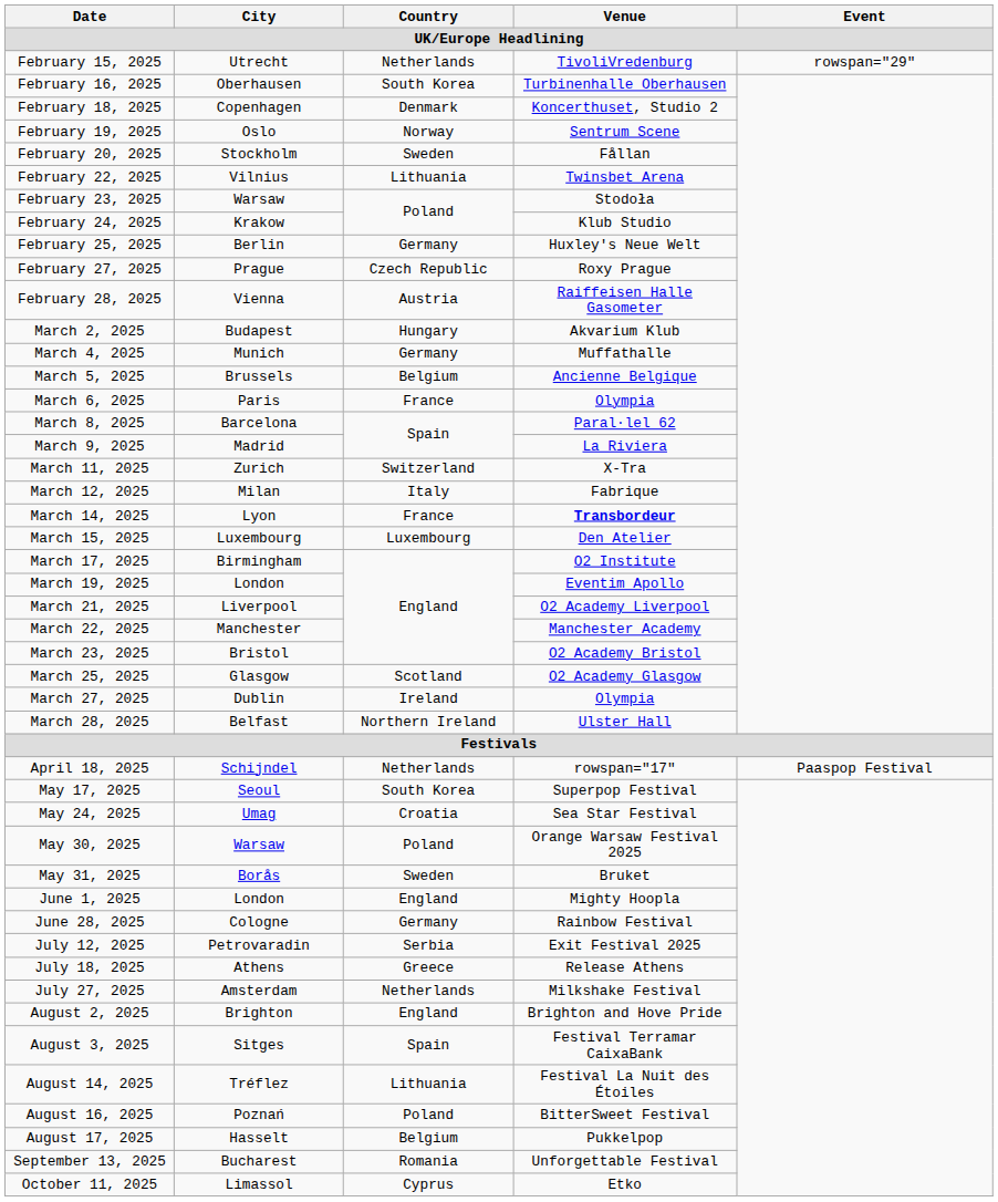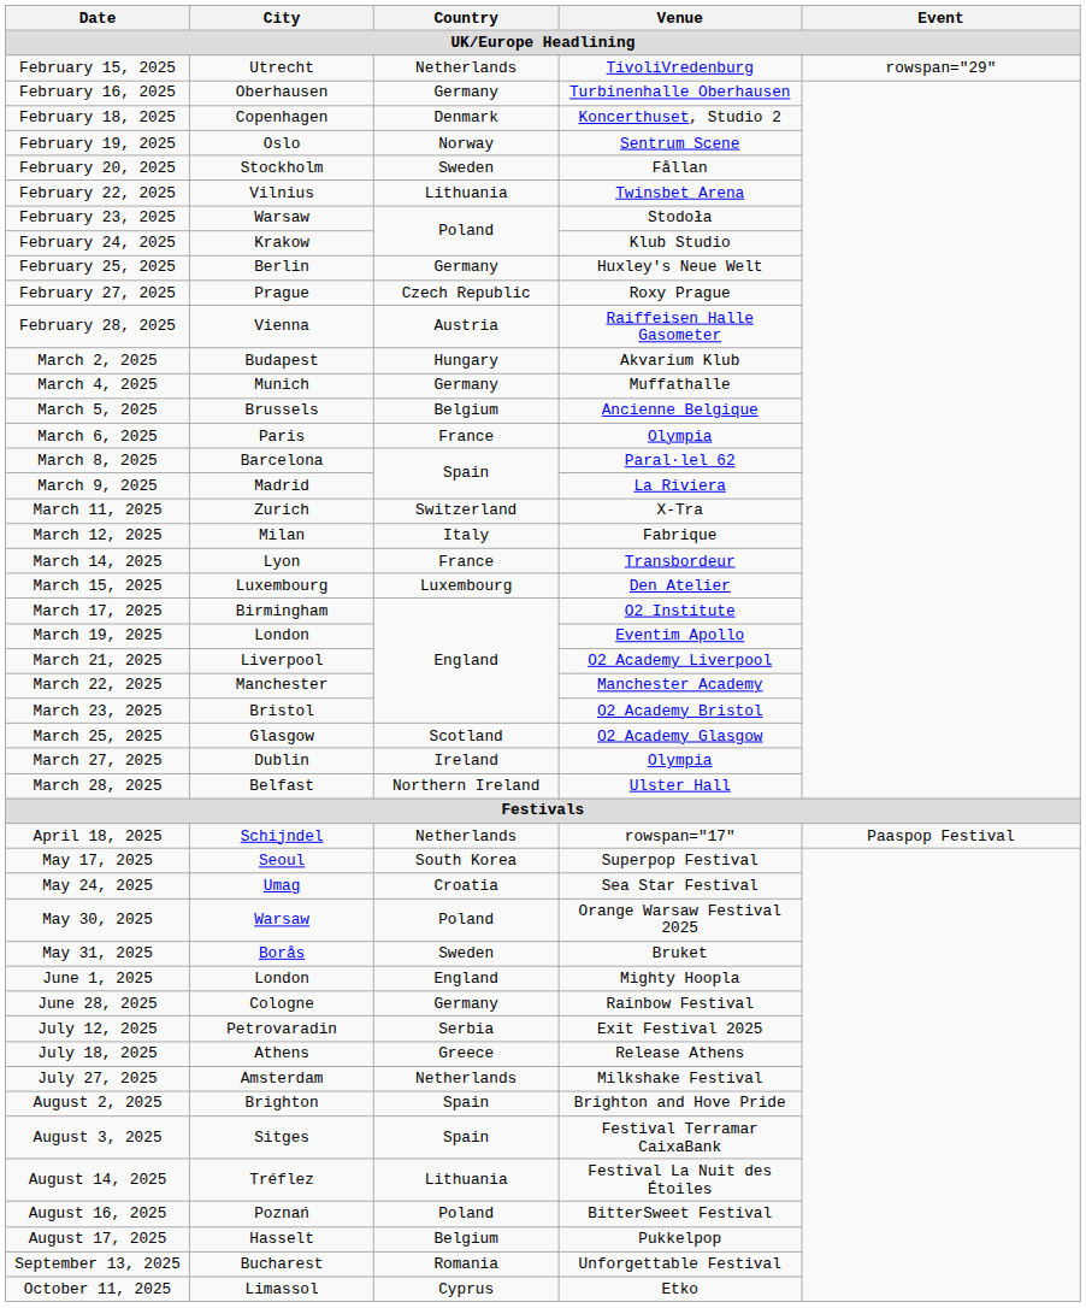 <table class="wikitable" style="text-align:center;">
 <tr>
 <th width="150">Date</th>
 <th width="150">City</th>
 <th width="150">Country</th>
 <th width="200">Venue</th>
 <th width="230">Event</th>
 </tr>
 <tr bgcolor="#DDDDDD">
 <td colspan=7><strong>UK/Europe Headlining</strong></td>
 </tr>
 <tr>
 <td>February 15, 2025</td>
 <td>Utrecht</td>
 <td>Netherlands</td>
 <td><a href='#'>TivoliVredenburg</a></td>
 <td>rowspan="29" </td>
 </tr>
 <tr>
 <td>February 16, 2025</td>
 <td>Oberhausen</td>
-<td>South Korea</td>
+<td>Germany</td>
 <td><a href='#'>Turbinenhalle Oberhausen</a></td>
 </tr>
 <tr>
 <td>February 18, 2025</td>
 <td>Copenhagen</td>
 <td>Denmark</td>
 <td><a href='#'>Koncerthuset</a>, Studio 2</td>
 </tr>
 <tr>
 <td>February 19, 2025</td>
 <td>Oslo</td>
 <td>Norway</td>
 <td><a href='#'>Sentrum Scene</a></td>
 </tr>
 <tr>
 <td>February 20, 2025</td>
 <td>Stockholm</td>
 <td>Sweden</td>
 <td>Fållan</td>
 </tr>
 <tr>
 <td>February 22, 2025</td>
 <td>Vilnius</td>
 <td>Lithuania</td>
 <td><a href='#'>Twinsbet Arena</a></td>
 </tr>
 <tr>
 <td>February 23, 2025</td>
 <td>Warsaw</td>
 <td rowspan="2">Poland</td>
 <td>Stodoła</td>
 </tr>
 <tr>
 <td>February 24, 2025</td>
 <td>Krakow</td>
 <td>Klub Studio</td>
 </tr>
 <tr>
 <td>February 25, 2025</td>
 <td>Berlin</td>
 <td>Germany</td>
 <td>Huxley's Neue Welt</td>
 </tr>
 <tr>
 <td>February 27, 2025</td>
 <td>Prague</td>
 <td>Czech Republic</td>
 <td>Roxy Prague</td>
 </tr>
 <tr>
 <td>February 28, 2025</td>
 <td>Vienna</td>
 <td>Austria</td>
 <td><a href='#'>Raiffeisen Halle Gasometer</a></td>
 </tr>
 <tr>
 <td>March 2, 2025</td>
 <td>Budapest</td>
 <td>Hungary</td>
 <td>Akvarium Klub</td>
 </tr>
 <tr>
 <td>March 4, 2025</td>
 <td>Munich</td>
 <td>Germany</td>
 <td>Muffathalle</td>
 </tr>
 <tr>
 <td>March 5, 2025</td>
 <td>Brussels</td>
 <td>Belgium</td>
 <td><a href='#'>Ancienne Belgique</a></td>
 </tr>
 <tr>
 <td>March 6, 2025</td>
 <td>Paris</td>
 <td>France</td>
 <td><a href='#'>Olympia</a></td>
 </tr>
 <tr>
 <td>March 8, 2025</td>
 <td>Barcelona</td>
 <td rowspan="2">Spain</td>
 <td><a href='#'>Paral·lel 62</a></td>
 </tr>
 <tr>
 <td>March 9, 2025</td>
 <td>Madrid</td>
 <td><a href='#'>La Riviera</a></td>
 </tr>
 <tr>
 <td>March 11, 2025</td>
 <td>Zurich</td>
 <td>Switzerland</td>
 <td>X-Tra</td>
 </tr>
 <tr>
 <td>March 12, 2025</td>
 <td>Milan</td>
 <td>Italy</td>
 <td>Fabrique</td>
 </tr>
 <tr>
 <td>March 14, 2025</td>
 <td>Lyon</td>
 <td>France</td>
-<td><strong><a href='#'>Transbordeur</a></strong></td>
+<td><a href='#'>Transbordeur</a></td>
 </tr>
 <tr>
 <td>March 15, 2025</td>
 <td>Luxembourg</td>
 <td>Luxembourg</td>
 <td><a href='#'>Den Atelier</a></td>
 </tr>
 <tr>
 <td>March 17, 2025</td>
 <td>Birmingham</td>
 <td rowspan="5">England</td>
 <td><a href='#'>O2 Institute</a></td>
 </tr>
 <tr>
 <td>March 19, 2025</td>
 <td>London</td>
 <td><a href='#'>Eventim Apollo</a></td>
 </tr>
 <tr>
 <td>March 21, 2025</td>
 <td>Liverpool</td>
 <td><a href='#'>O2 Academy Liverpool</a></td>
 </tr>
 <tr>
 <td>March 22, 2025</td>
 <td>Manchester</td>
 <td><a href='#'>Manchester Academy</a></td>
 </tr>
 <tr>
 <td>March 23, 2025</td>
 <td>Bristol</td>
 <td><a href='#'>O2 Academy Bristol</a></td>
 </tr>
 <tr>
 <td>March 25, 2025</td>
 <td>Glasgow</td>
 <td>Scotland</td>
 <td><a href='#'>O2 Academy Glasgow</a></td>
 </tr>
 <tr>
 <td>March 27, 2025</td>
 <td>Dublin</td>
 <td>Ireland</td>
 <td><a href='#'>Olympia</a></td>
 </tr>
 <tr>
 <td>March 28, 2025</td>
 <td>Belfast</td>
 <td>Northern Ireland</td>
 <td><a href='#'>Ulster Hall</a></td>
 </tr>
 <tr bgcolor="#DDDDDD">
 <td colspan=7><strong>Festivals</strong></td>
 </tr>
 <tr>
 <td>April 18, 2025</td>
 <td><a href='#'>Schijndel</a></td>
 <td>Netherlands</td>
 <td>rowspan="17" </td>
 <td>Paaspop Festival</td>
 </tr>
 <tr>
 <td>May 17, 2025</td>
 <td><a href='#'>Seoul</a></td>
 <td>South Korea</td>
 <td>Superpop Festival</td>
 </tr>
 <tr>
 <td>May 24, 2025</td>
 <td><a href='#'>Umag</a></td>
 <td>Croatia</td>
 <td>Sea Star Festival</td>
 </tr>
 <tr>
 <td>May 30, 2025</td>
 <td><a href='#'>Warsaw</a></td>
 <td>Poland</td>
 <td>Orange Warsaw Festival 2025</td>
 </tr>
 <tr>
 <td>May 31, 2025</td>
 <td><a href='#'>Borås</a></td>
 <td>Sweden</td>
 <td>Bruket</td>
 </tr>
 <tr>
 <td>June 1, 2025</td>
 <td>London</td>
 <td>England</td>
 <td>Mighty Hoopla</td>
 </tr>
 <tr>
 <td>June 28, 2025</td>
 <td>Cologne</td>
 <td>Germany</td>
 <td>Rainbow Festival</td>
 </tr>
 <tr>
 <td>July 12, 2025</td>
 <td>Petrovaradin</td>
 <td>Serbia</td>
 <td>Exit Festival 2025</td>
 </tr>
 <tr>
 <td>July 18, 2025</td>
 <td>Athens</td>
 <td>Greece</td>
 <td>Release Athens</td>
 </tr>
 <tr>
 <td>July 27, 2025</td>
 <td>Amsterdam</td>
 <td>Netherlands</td>
 <td>Milkshake Festival</td>
 </tr>
 <tr>
 <td>August 2, 2025</td>
 <td>Brighton</td>
-<td>England</td>
+<td>Spain</td>
 <td>Brighton and Hove Pride</td>
 </tr>
 <tr>
 <td>August 3, 2025</td>
 <td>Sitges</td>
 <td>Spain</td>
 <td>Festival Terramar CaixaBank</td>
 </tr>
 <tr>
 <td>August 14, 2025</td>
 <td>Tréflez</td>
 <td>Lithuania</td>
 <td>Festival La Nuit des Étoiles</td>
 </tr>
 <tr>
 <td>August 16, 2025</td>
 <td>Poznań</td>
 <td>Poland</td>
 <td>BitterSweet Festival</td>
 </tr>
 <tr>
 <td>August 17, 2025</td>
 <td>Hasselt</td>
 <td>Belgium</td>
 <td>Pukkelpop</td>
 </tr>
 <tr>
 <td>September 13, 2025</td>
 <td>Bucharest</td>
 <td>Romania</td>
 <td>Unforgettable Festival</td>
 </tr>
 <tr>
 <td>October 11, 2025</td>
 <td>Limassol</td>
 <td>Cyprus</td>
 <td>Etko</td>
 </tr>
 </table>
